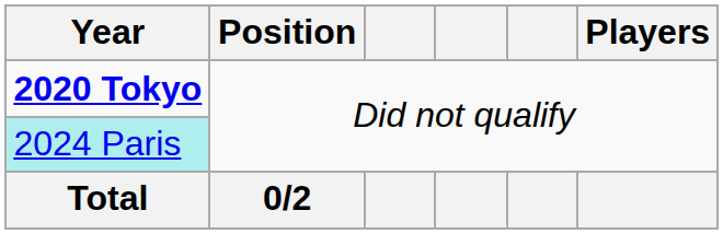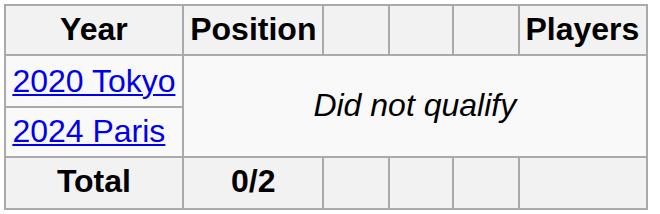 <table class="wikitable" style="text-align: center;">
 <tr>
 <th>Year</th>
 <th>Position</th>
 <th width=25px></th>
 <th width=25px></th>
 <th width=25px></th>
 <th>Players</th>
 </tr>
 <tr>
-<td style="text-align: left;"><strong> <a href='#'>2020 Tokyo</a></strong></td>
+<td style="text-align: left;"> <a href='#'>2020 Tokyo</a></td>
 <td colspan=5 rowspan=2><em>Did not qualify</em></td>
 </tr>
 <tr>
-<td style="background: paleturquoise; text-align: left;"> <a href='#'>2024 Paris</a></td>
+<td style="text-align: left;"> <a href='#'>2024 Paris</a></td>
 </tr>
 <tr>
 <th>Total</th>
 <th>0/2</th>
 <th></th>
 <th></th>
 <th></th>
 <th></th>
 </tr>
 </table>
